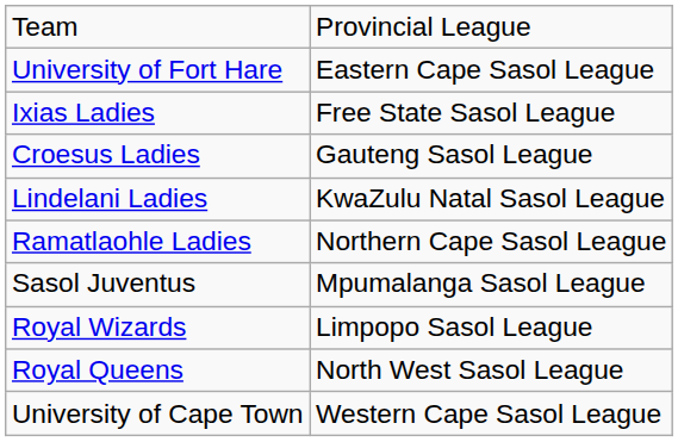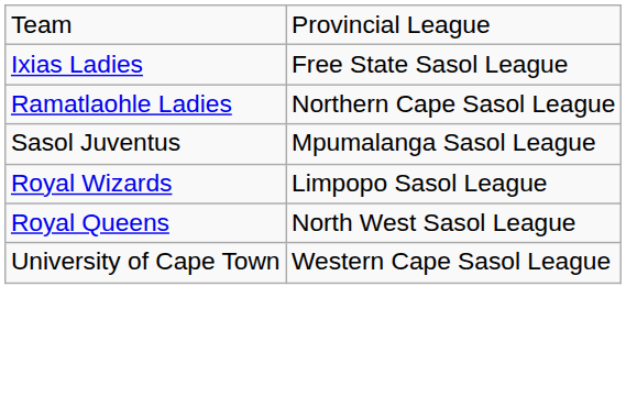 <table class= "wikitable sortable" style="text_align: left;">
 <tr>
 <td>Team</td>
 <td>Provincial League</td>
 </tr>
 <tr>
-<td><a href='#'>University of Fort Hare</a></td>
-<td>Eastern Cape Sasol League</td>
-</tr>
-<tr>
 <td><a href='#'>Ixias Ladies</a></td>
 <td>Free State Sasol League</td>
-</tr>
-<tr>
-<td><a href='#'>Croesus Ladies</a></td>
-<td>Gauteng Sasol League</td>
-</tr>
-<tr>
-<td><a href='#'>Lindelani Ladies</a></td>
-<td>KwaZulu Natal Sasol League</td>
 </tr>
 <tr>
 <td><a href='#'>Ramatlaohle Ladies</a></td>
 <td>Northern Cape Sasol League</td>
 </tr>
 <tr>
 <td>Sasol Juventus</td>
 <td>Mpumalanga Sasol League</td>
 </tr>
 <tr>
 <td><a href='#'>Royal Wizards</a></td>
 <td>Limpopo Sasol League</td>
 </tr>
 <tr>
 <td><a href='#'>Royal Queens</a></td>
 <td>North West Sasol League</td>
 </tr>
 <tr>
 <td>University of Cape Town</td>
 <td>Western Cape Sasol League</td>
 </tr>
 </table>
